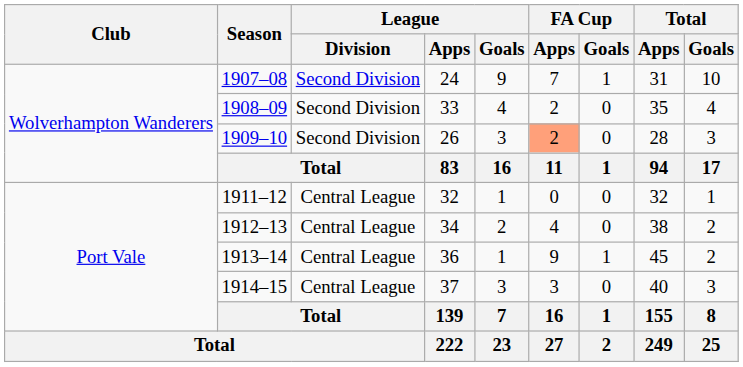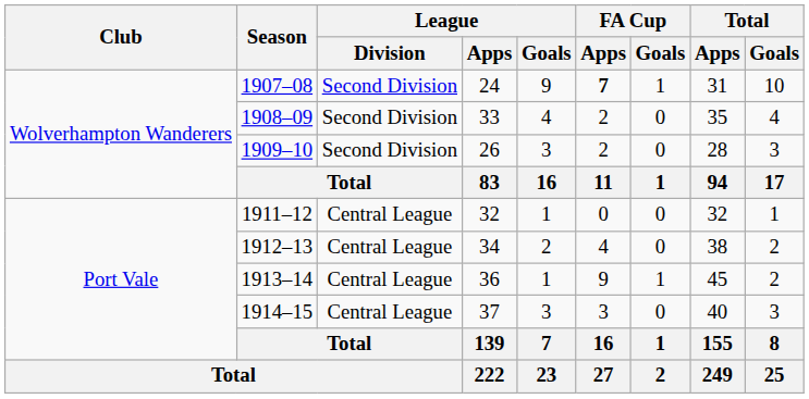 <table class="wikitable" style="text-align:center">
 <tr>
 <th rowspan="2">Club</th>
 <th rowspan="2">Season</th>
 <th colspan="3">League</th>
 <th colspan="2">FA Cup</th>
 <th colspan="2">Total</th>
 </tr>
 <tr>
 <th>Division</th>
 <th>Apps</th>
 <th>Goals</th>
 <th>Apps</th>
 <th>Goals</th>
 <th>Apps</th>
 <th>Goals</th>
 </tr>
 <tr>
 <td rowspan="4"><a href='#'>Wolverhampton Wanderers</a></td>
 <td><a href='#'>1907–08</a></td>
 <td><a href='#'>Second Division</a></td>
 <td>24</td>
 <td>9</td>
-<td>7</td>
+<td><strong>7</strong></td>
 <td>1</td>
 <td>31</td>
 <td>10</td>
 </tr>
 <tr>
 <td><a href='#'>1908–09</a></td>
 <td>Second Division</td>
 <td>33</td>
 <td>4</td>
 <td>2</td>
 <td>0</td>
 <td>35</td>
 <td>4</td>
 </tr>
 <tr>
 <td><a href='#'>1909–10</a></td>
 <td>Second Division</td>
 <td>26</td>
 <td>3</td>
-<td style="background: lightsalmon;">2</td>
+<td>2</td>
 <td>0</td>
 <td>28</td>
 <td>3</td>
 </tr>
 <tr>
 <th colspan="2">Total</th>
 <th>83</th>
 <th>16</th>
 <th>11</th>
 <th>1</th>
 <th>94</th>
 <th>17</th>
 </tr>
 <tr>
 <td rowspan="5"><a href='#'>Port Vale</a></td>
 <td>1911–12</td>
 <td>Central League</td>
 <td>32</td>
 <td>1</td>
 <td>0</td>
 <td>0</td>
 <td>32</td>
 <td>1</td>
 </tr>
 <tr>
 <td>1912–13</td>
 <td>Central League</td>
 <td>34</td>
 <td>2</td>
 <td>4</td>
 <td>0</td>
 <td>38</td>
 <td>2</td>
 </tr>
 <tr>
 <td>1913–14</td>
 <td>Central League</td>
 <td>36</td>
 <td>1</td>
 <td>9</td>
 <td>1</td>
 <td>45</td>
 <td>2</td>
 </tr>
 <tr>
 <td>1914–15</td>
 <td>Central League</td>
 <td>37</td>
 <td>3</td>
 <td>3</td>
 <td>0</td>
 <td>40</td>
 <td>3</td>
 </tr>
 <tr>
 <th colspan="2">Total</th>
 <th>139</th>
 <th>7</th>
 <th>16</th>
 <th>1</th>
 <th>155</th>
 <th>8</th>
 </tr>
 <tr>
 <th colspan="3">Total</th>
 <th>222</th>
 <th>23</th>
 <th>27</th>
 <th>2</th>
 <th>249</th>
 <th>25</th>
 </tr>
 </table>
